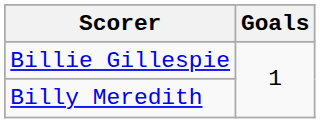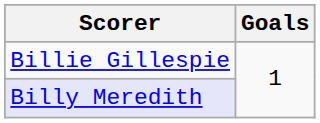 <table class="wikitable">
 <tr>
 <th>Scorer</th>
 <th>Goals</th>
 </tr>
 <tr>
 <td> <a href='#'>Billie Gillespie</a></td>
 <td rowspan="2" align=center>1</td>
 </tr>
 <tr>
-<td> <a href='#'>Billy Meredith</a></td>
+<td style="background: lavender;"> <a href='#'>Billy Meredith</a></td>
 </tr>
 </table>
